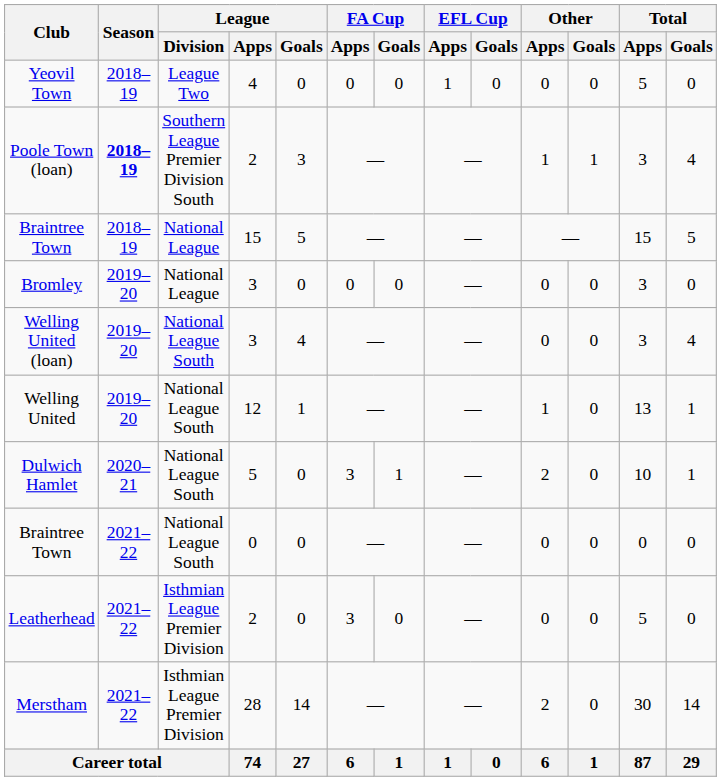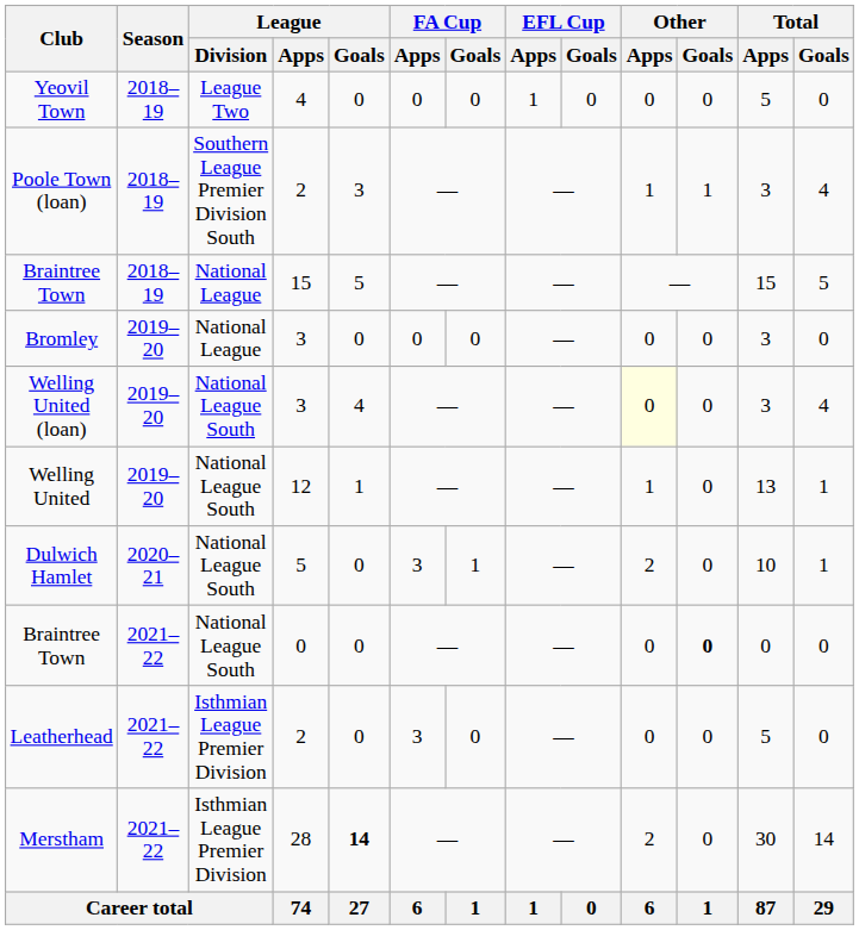 <table class=wikitable style="text-align: center">
 <tr>
 <th rowspan=2>Club</th>
 <th rowspan=2>Season</th>
 <th colspan=3>League</th>
 <th colspan=2><a href='#'>FA Cup</a></th>
 <th colspan=2><a href='#'>EFL Cup</a></th>
 <th colspan=2>Other</th>
 <th colspan=2>Total</th>
 </tr>
 <tr>
 <th>Division</th>
 <th>Apps</th>
 <th>Goals</th>
 <th>Apps</th>
 <th>Goals</th>
 <th>Apps</th>
 <th>Goals</th>
 <th>Apps</th>
 <th>Goals</th>
 <th>Apps</th>
 <th>Goals</th>
 </tr>
 <tr>
 <td><a href='#'>Yeovil Town</a></td>
 <td><a href='#'>2018–19</a></td>
 <td><a href='#'>League Two</a></td>
 <td>4</td>
 <td>0</td>
 <td>0</td>
 <td>0</td>
 <td>1</td>
 <td>0</td>
 <td>0</td>
 <td>0</td>
 <td>5</td>
 <td>0</td>
 </tr>
 <tr>
 <td><a href='#'>Poole Town</a> (loan)</td>
-<td><strong><a href='#'>2018–19</a></strong></td>
+<td><a href='#'>2018–19</a></td>
 <td><a href='#'>Southern League</a> Premier Division South</td>
 <td>2</td>
 <td>3</td>
 <td colspan="2">—</td>
 <td colspan="2">—</td>
 <td>1</td>
 <td>1</td>
 <td>3</td>
 <td>4</td>
 </tr>
 <tr>
 <td><a href='#'>Braintree Town</a></td>
 <td><a href='#'>2018–19</a></td>
 <td><a href='#'>National League</a></td>
 <td>15</td>
 <td>5</td>
 <td colspan="2">—</td>
 <td colspan="2">—</td>
 <td colspan="2">—</td>
 <td>15</td>
 <td>5</td>
 </tr>
 <tr>
 <td><a href='#'>Bromley</a></td>
 <td><a href='#'>2019–20</a></td>
 <td>National League</td>
 <td>3</td>
 <td>0</td>
 <td>0</td>
 <td>0</td>
 <td colspan="2">—</td>
 <td>0</td>
 <td>0</td>
 <td>3</td>
 <td>0</td>
 </tr>
 <tr>
 <td><a href='#'>Welling United</a> (loan)</td>
 <td><a href='#'>2019–20</a></td>
 <td><a href='#'>National League South</a></td>
 <td>3</td>
 <td>4</td>
 <td colspan="2">—</td>
 <td colspan="2">—</td>
-<td>0</td>
+<td style="background: lightyellow;">0</td>
 <td>0</td>
 <td>3</td>
 <td>4</td>
 </tr>
 <tr>
 <td>Welling United</td>
 <td><a href='#'>2019–20</a></td>
 <td>National League South</td>
 <td>12</td>
 <td>1</td>
 <td colspan="2">—</td>
 <td colspan="2">—</td>
 <td>1</td>
 <td>0</td>
 <td>13</td>
 <td>1</td>
 </tr>
 <tr>
 <td><a href='#'>Dulwich Hamlet</a></td>
 <td><a href='#'>2020–21</a></td>
 <td>National League South</td>
 <td>5</td>
 <td>0</td>
 <td>3</td>
 <td>1</td>
 <td colspan="2">—</td>
 <td>2</td>
 <td>0</td>
 <td>10</td>
 <td>1</td>
 </tr>
 <tr>
 <td>Braintree Town</td>
 <td><a href='#'>2021–22</a></td>
 <td>National League South</td>
 <td>0</td>
 <td>0</td>
 <td colspan="2">—</td>
 <td colspan="2">—</td>
 <td>0</td>
-<td>0</td>
+<td><strong>0</strong></td>
 <td>0</td>
 <td>0</td>
 </tr>
 <tr>
 <td><a href='#'>Leatherhead</a></td>
 <td><a href='#'>2021–22</a></td>
 <td><a href='#'>Isthmian League</a> Premier Division</td>
 <td>2</td>
 <td>0</td>
 <td>3</td>
 <td>0</td>
 <td colspan="2">—</td>
 <td>0</td>
 <td>0</td>
 <td>5</td>
 <td>0</td>
 </tr>
 <tr>
 <td><a href='#'>Merstham</a></td>
 <td><a href='#'>2021–22</a></td>
 <td>Isthmian League Premier Division</td>
 <td>28</td>
-<td>14</td>
+<td><strong>14</strong></td>
 <td colspan="2">—</td>
 <td colspan="2">—</td>
 <td>2</td>
 <td>0</td>
 <td>30</td>
 <td>14</td>
 </tr>
 <tr>
 <th colspan=3>Career total</th>
 <th>74</th>
 <th>27</th>
 <th>6</th>
 <th>1</th>
 <th>1</th>
 <th>0</th>
 <th>6</th>
 <th>1</th>
 <th>87</th>
 <th>29</th>
 </tr>
 </table>
